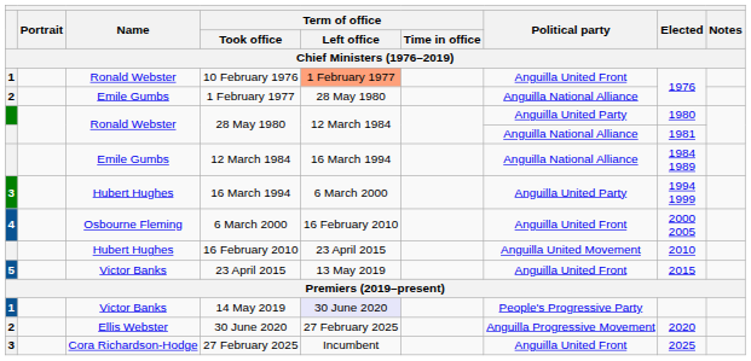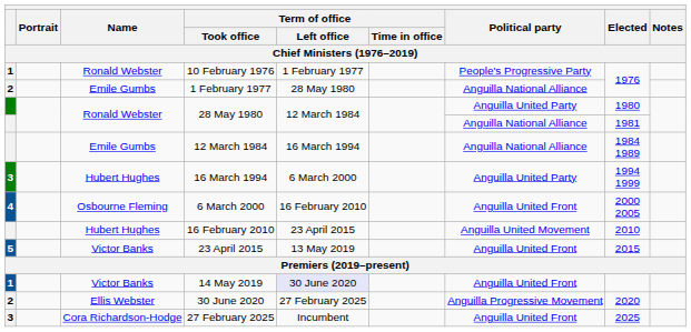 <table class="wikitable" style="text-align:center">
 <tr>
 <th colspan="9">     </th>
 </tr>
 <tr align=center bgcolor=#ebebeb>
 <th rowspan=2></th>
 <th rowspan=2>Portrait</th>
 <th rowspan=2>Name<br></th>
 <th colspan=3>Term of office</th>
 <th rowspan=2>Political party</th>
 <th rowspan=2>Elected</th>
 <th rowspan=2>Notes</th>
 </tr>
 <tr align=center bgcolor=#ebebeb>
 <th>Took office</th>
 <th>Left office</th>
 <th>Time in office</th>
 </tr>
 <tr>
 <th colspan="9">Chief Ministers (1976–2019)</th>
 </tr>
 <tr>
 <th style="background:">1</th>
 <td></td>
 <td><a href='#'>Ronald Webster</a><br></td>
 <td>10 February 1976</td>
-<td style="background: lightsalmon;">1 February 1977</td>
+<td>1 February 1977</td>
 <td></td>
-<td><a href='#'>Anguilla United Front</a></td>
+<td><a href='#'>People's Progressive Party</a></td>
 <td rowspan=2><a href='#'>1976</a></td>
 <td></td>
 </tr>
 <tr>
 <th style="background:">2</th>
 <td></td>
 <td><a href='#'>Emile Gumbs</a><br></td>
 <td>1 February 1977</td>
 <td>28 May 1980</td>
 <td></td>
 <td><a href='#'>Anguilla National Alliance</a></td>
 <td></td>
 </tr>
 <tr>
 <th style="background:#008000; color:white"></th>
 <td rowspan=2></td>
 <td rowspan=2><a href='#'>Ronald Webster</a><br></td>
 <td rowspan=2>28 May 1980</td>
 <td rowspan=2>12 March 1984</td>
 <td rowspan=2></td>
 <td><a href='#'>Anguilla United Party</a></td>
 <td><a href='#'>1980</a></td>
 <td rowspan=2></td>
 </tr>
 <tr>
 <th style="background:"></th>
 <td><a href='#'>Anguilla National Alliance</a></td>
 <td><a href='#'>1981</a></td>
 </tr>
 <tr>
 <th style="background:"></th>
 <td></td>
 <td><a href='#'>Emile Gumbs</a><br></td>
 <td>12 March 1984</td>
 <td>16 March 1994</td>
 <td></td>
 <td><a href='#'>Anguilla National Alliance</a></td>
 <td><a href='#'>1984</a><br><a href='#'>1989</a></td>
 <td></td>
 </tr>
 <tr>
 <th style="background:#008000; color:white">3</th>
 <td></td>
 <td><a href='#'>Hubert Hughes</a><br></td>
 <td>16 March 1994</td>
 <td>6 March 2000</td>
 <td></td>
 <td><a href='#'>Anguilla United Party</a></td>
 <td><a href='#'>1994</a><br><a href='#'>1999</a></td>
 <td></td>
 </tr>
 <tr>
 <th style="background:#095392; color:white">4</th>
 <td></td>
 <td><a href='#'>Osbourne Fleming</a><br></td>
 <td>6 March 2000</td>
 <td>16 February 2010</td>
 <td></td>
 <td><a href='#'>Anguilla United Front</a></td>
 <td><a href='#'>2000</a><br><a href='#'>2005</a></td>
 <td></td>
 </tr>
 <tr>
 <th style="background:"></th>
 <td></td>
 <td><a href='#'>Hubert Hughes</a><br></td>
 <td>16 February 2010</td>
 <td>23 April 2015</td>
 <td></td>
 <td><a href='#'>Anguilla United Movement</a></td>
 <td><a href='#'>2010</a></td>
 <td></td>
 </tr>
 <tr>
 <th style="background:#095392; color:white">5</th>
 <td></td>
 <td><a href='#'>Victor Banks</a><br></td>
 <td>23 April 2015</td>
 <td>13 May 2019</td>
 <td></td>
 <td><a href='#'>Anguilla United Front</a></td>
 <td><a href='#'>2015</a></td>
 <td></td>
 </tr>
 <tr>
 <th colspan="9">Premiers (2019–present)</th>
 </tr>
 <tr>
 <th style="background:#095392; color:white">1</th>
 <td></td>
 <td><a href='#'>Victor Banks</a><br></td>
 <td>14 May 2019</td>
 <td style="background: lavender;">30 June 2020</td>
 <td></td>
-<td><a href='#'>People's Progressive Party</a></td>
+<td><a href='#'>Anguilla United Front</a></td>
 <td></td>
 <td></td>
 </tr>
 <tr>
 <th style="background:">2</th>
 <td></td>
 <td><a href='#'>Ellis Webster</a><br></td>
 <td>30 June 2020</td>
 <td>27 February 2025</td>
 <td></td>
 <td><a href='#'>Anguilla Progressive Movement</a></td>
 <td><a href='#'>2020</a></td>
 <td></td>
 </tr>
 <tr>
 <th style="background:">3</th>
 <td></td>
 <td><a href='#'>Cora Richardson-Hodge</a></td>
 <td>27 February 2025</td>
 <td>Incumbent</td>
 <td></td>
 <td><a href='#'>Anguilla United Front</a></td>
 <td><a href='#'>2025</a></td>
 <td></td>
 </tr>
 </table>
